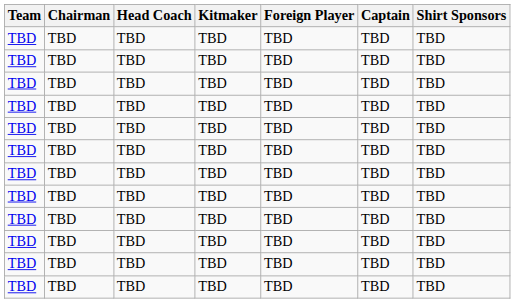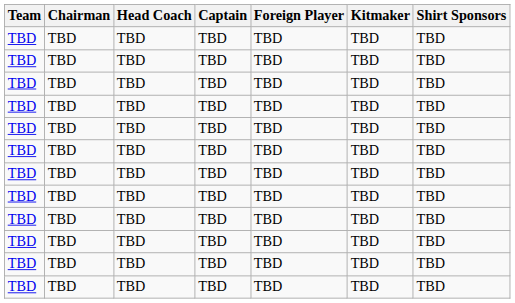 <table class="wikitable sortable" style="text-align: left;">
 <tr>
 <th>Team</th>
 <th>Chairman</th>
 <th>Head Coach</th>
+<th>Captain</th>
+<th>Foreign Player</th>
 <th>Kitmaker</th>
-<th>Foreign Player</th>
-<th>Captain</th>
 <th>Shirt Sponsors</th>
 </tr>
 <tr>
 <td><a href='#'>TBD</a></td>
 <td> TBD</td>
 <td> TBD</td>
-<td>TBD</td>
 <td> TBD</td>
 <td> TBD</td>
+<td>TBD</td>
 <td>TBD</td>
 </tr>
 <tr>
 <td><a href='#'>TBD</a></td>
 <td> TBD</td>
 <td> TBD</td>
-<td>TBD</td>
 <td> TBD</td>
 <td> TBD</td>
+<td>TBD</td>
 <td>TBD</td>
 </tr>
 <tr>
 <td><a href='#'>TBD</a></td>
 <td> TBD</td>
 <td> TBD</td>
-<td>TBD</td>
 <td> TBD</td>
 <td> TBD</td>
+<td>TBD</td>
 <td>TBD</td>
 </tr>
 <tr>
 <td><a href='#'>TBD</a></td>
 <td> TBD</td>
 <td> TBD</td>
-<td>TBD</td>
 <td> TBD</td>
 <td> TBD</td>
+<td>TBD</td>
 <td>TBD</td>
 </tr>
 <tr>
 <td><a href='#'>TBD</a></td>
 <td> TBD</td>
 <td> TBD</td>
-<td>TBD</td>
 <td> TBD</td>
 <td> TBD</td>
+<td>TBD</td>
 <td>TBD</td>
 </tr>
 <tr>
 <td><a href='#'>TBD</a></td>
 <td> TBD</td>
 <td> TBD</td>
-<td>TBD</td>
 <td> TBD</td>
 <td> TBD</td>
+<td>TBD</td>
 <td>TBD</td>
 </tr>
 <tr>
 <td><a href='#'>TBD</a></td>
 <td> TBD</td>
 <td> TBD</td>
-<td>TBD</td>
 <td> TBD</td>
 <td> TBD</td>
+<td>TBD</td>
 <td>TBD</td>
 </tr>
 <tr>
 <td><a href='#'>TBD</a></td>
 <td> TBD</td>
 <td> TBD</td>
-<td>TBD</td>
 <td> TBD</td>
 <td> TBD</td>
+<td>TBD</td>
 <td>TBD</td>
 </tr>
 <tr>
 <td><a href='#'>TBD</a></td>
 <td> TBD</td>
 <td> TBD</td>
-<td>TBD</td>
 <td> TBD</td>
 <td> TBD</td>
+<td>TBD</td>
 <td>TBD</td>
 </tr>
 <tr>
 <td><a href='#'>TBD</a></td>
 <td> TBD</td>
 <td> TBD</td>
-<td>TBD</td>
 <td> TBD</td>
 <td> TBD</td>
+<td>TBD</td>
 <td>TBD</td>
 </tr>
 <tr>
 <td><a href='#'>TBD</a></td>
 <td> TBD</td>
 <td> TBD</td>
-<td>TBD</td>
 <td> TBD</td>
 <td> TBD</td>
+<td>TBD</td>
 <td>TBD</td>
 </tr>
 <tr>
 <td><a href='#'>TBD</a></td>
 <td> TBD</td>
 <td> TBD</td>
-<td>TBD</td>
 <td> TBD</td>
 <td> TBD</td>
 <td>TBD</td>
+<td>TBD</td>
 </tr>
 </table>
